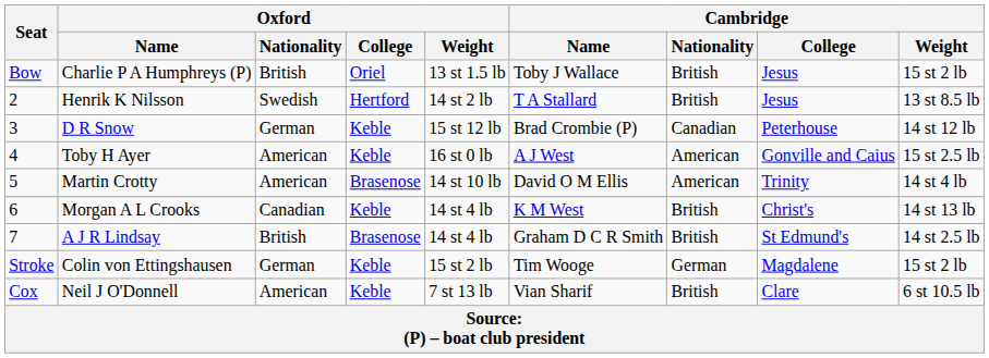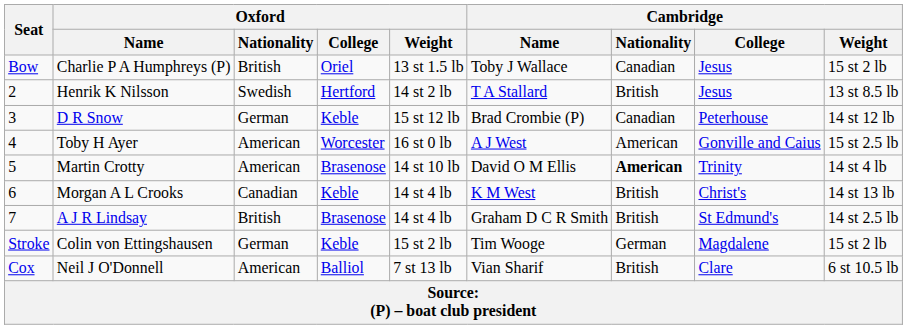 <table class="wikitable">
 <tr>
 <th rowspan="2" scope="col">Seat</th>
 <th colspan="4" scope="col">Oxford <br> </th>
 <th colspan="4" scope="col">Cambridge <br> </th>
 </tr>
 <tr>
 <th>Name</th>
 <th>Nationality</th>
 <th>College</th>
 <th>Weight</th>
 <th>Name</th>
 <th>Nationality</th>
 <th>College</th>
 <th>Weight</th>
 </tr>
 <tr>
 <td><a href='#'>Bow</a></td>
 <td>Charlie P A Humphreys (P)</td>
 <td>British</td>
 <td><a href='#'>Oriel</a></td>
 <td>13 st 1.5 lb</td>
 <td>Toby J Wallace</td>
-<td>British</td>
+<td>Canadian</td>
 <td><a href='#'>Jesus</a></td>
 <td>15 st 2 lb</td>
 </tr>
 <tr>
 <td>2</td>
 <td>Henrik K Nilsson</td>
 <td>Swedish</td>
 <td><a href='#'>Hertford</a></td>
 <td>14 st 2 lb</td>
 <td><a href='#'>T A Stallard</a></td>
 <td>British</td>
 <td><a href='#'>Jesus</a></td>
 <td>13 st 8.5 lb</td>
 </tr>
 <tr>
 <td>3</td>
 <td><a href='#'>D R Snow</a></td>
 <td>German</td>
 <td><a href='#'>Keble</a></td>
 <td>15 st 12 lb</td>
 <td>Brad Crombie (P)</td>
 <td>Canadian</td>
 <td><a href='#'>Peterhouse</a></td>
 <td>14 st 12 lb</td>
 </tr>
 <tr>
 <td>4</td>
 <td>Toby H Ayer</td>
 <td>American</td>
-<td><a href='#'>Keble</a></td>
+<td><a href='#'>Worcester</a></td>
 <td>16 st 0 lb</td>
 <td><a href='#'>A J West</a></td>
 <td>American</td>
 <td><a href='#'>Gonville and Caius</a></td>
 <td>15 st 2.5 lb</td>
 </tr>
 <tr>
 <td>5</td>
 <td>Martin Crotty</td>
 <td>American</td>
 <td><a href='#'>Brasenose</a></td>
 <td>14 st 10 lb</td>
 <td>David O M Ellis</td>
-<td>American</td>
+<td><strong>American</strong></td>
 <td><a href='#'>Trinity</a></td>
 <td>14 st 4 lb</td>
 </tr>
 <tr>
 <td>6</td>
 <td>Morgan A L Crooks</td>
 <td>Canadian</td>
 <td><a href='#'>Keble</a></td>
 <td>14 st 4 lb</td>
 <td><a href='#'>K M West</a></td>
 <td>British</td>
 <td><a href='#'>Christ's</a></td>
 <td>14 st 13 lb</td>
 </tr>
 <tr>
 <td>7</td>
 <td><a href='#'>A J R Lindsay</a></td>
 <td>British</td>
 <td><a href='#'>Brasenose</a></td>
 <td>14 st 4 lb</td>
 <td>Graham D C R Smith</td>
 <td>British</td>
 <td><a href='#'>St Edmund's</a></td>
 <td>14 st 2.5 lb</td>
 </tr>
 <tr>
 <td><a href='#'>Stroke</a></td>
 <td>Colin von Ettingshausen</td>
 <td>German</td>
 <td><a href='#'>Keble</a></td>
 <td>15 st 2 lb</td>
 <td>Tim Wooge</td>
 <td>German</td>
 <td><a href='#'>Magdalene</a></td>
 <td>15 st 2 lb</td>
 </tr>
 <tr>
 <td><a href='#'>Cox</a></td>
 <td>Neil J O'Donnell</td>
 <td>American</td>
-<td><a href='#'>Keble</a></td>
+<td><a href='#'>Balliol</a></td>
 <td>7 st 13 lb</td>
 <td>Vian Sharif</td>
 <td>British</td>
 <td><a href='#'>Clare</a></td>
 <td>6 st 10.5 lb</td>
 </tr>
 <tr>
 <th colspan="9">Source:<br>(P) – boat club president</th>
 </tr>
 </table>
